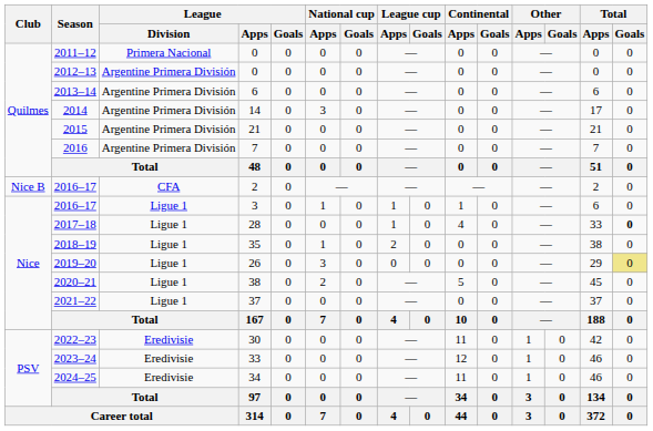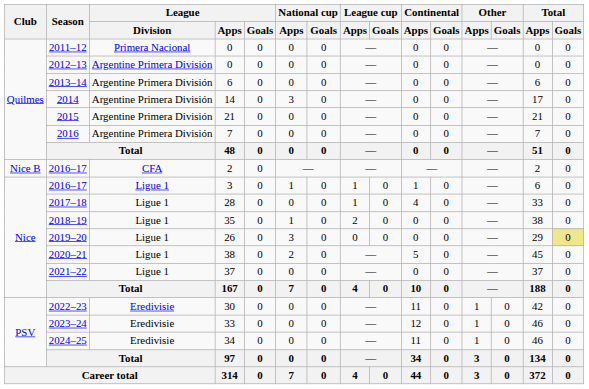 <table class="wikitable" style="text-align: center;">
 <tr>
 <th rowspan="2">Club</th>
 <th rowspan="2">Season</th>
 <th colspan="3">League</th>
 <th colspan="2">National cup</th>
 <th colspan="2">League cup</th>
 <th colspan="2">Continental</th>
 <th colspan="2">Other</th>
 <th colspan="2">Total</th>
 </tr>
 <tr>
 <th>Division</th>
 <th>Apps</th>
 <th>Goals</th>
 <th>Apps</th>
 <th>Goals</th>
 <th>Apps</th>
 <th>Goals</th>
 <th>Apps</th>
 <th>Goals</th>
 <th>Apps</th>
 <th>Goals</th>
 <th>Apps</th>
 <th>Goals</th>
 </tr>
 <tr>
 <td rowspan="7"><a href='#'>Quilmes</a></td>
 <td><a href='#'>2011–12</a></td>
 <td><a href='#'>Primera Nacional</a></td>
 <td>0</td>
 <td>0</td>
 <td>0</td>
 <td>0</td>
 <td colspan="2">—</td>
 <td>0</td>
 <td>0</td>
 <td colspan="2">—</td>
 <td>0</td>
 <td>0</td>
 </tr>
 <tr>
 <td><a href='#'>2012–13</a></td>
 <td><a href='#'>Argentine Primera División</a></td>
 <td>0</td>
 <td>0</td>
 <td>0</td>
 <td>0</td>
 <td colspan="2">—</td>
 <td>0</td>
 <td>0</td>
 <td colspan="2">—</td>
 <td>0</td>
 <td>0</td>
 </tr>
 <tr>
 <td><a href='#'>2013–14</a></td>
 <td>Argentine Primera División</td>
 <td>6</td>
 <td>0</td>
 <td>0</td>
 <td>0</td>
 <td colspan="2">—</td>
 <td>0</td>
 <td>0</td>
 <td colspan="2">—</td>
 <td>6</td>
 <td>0</td>
 </tr>
 <tr>
 <td><a href='#'>2014</a></td>
 <td>Argentine Primera División</td>
 <td>14</td>
 <td>0</td>
 <td>3</td>
 <td>0</td>
 <td colspan="2">—</td>
 <td>0</td>
 <td>0</td>
 <td colspan="2">—</td>
 <td>17</td>
 <td>0</td>
 </tr>
 <tr>
 <td><a href='#'>2015</a></td>
 <td>Argentine Primera División</td>
 <td>21</td>
 <td>0</td>
 <td>0</td>
 <td>0</td>
 <td colspan="2">—</td>
 <td>0</td>
 <td>0</td>
 <td colspan="2">—</td>
 <td>21</td>
 <td>0</td>
 </tr>
 <tr>
 <td><a href='#'>2016</a></td>
 <td>Argentine Primera División</td>
 <td>7</td>
 <td>0</td>
 <td>0</td>
 <td>0</td>
 <td colspan="2">—</td>
 <td>0</td>
 <td>0</td>
 <td colspan="2">—</td>
 <td>7</td>
 <td>0</td>
 </tr>
 <tr>
 <th colspan="2">Total</th>
 <th>48</th>
 <th>0</th>
 <th>0</th>
 <th>0</th>
 <th colspan="2">—</th>
 <th>0</th>
 <th>0</th>
 <th colspan="2">—</th>
 <th>51</th>
 <th>0</th>
 </tr>
 <tr>
 <td><a href='#'>Nice B</a></td>
 <td><a href='#'>2016–17</a></td>
 <td><a href='#'>CFA</a></td>
 <td>2</td>
 <td>0</td>
 <td colspan="2">—</td>
 <td colspan="2">—</td>
 <td colspan="2">—</td>
 <td colspan="2">—</td>
 <td>2</td>
 <td>0</td>
 </tr>
 <tr>
 <td rowspan="7"><a href='#'>Nice</a></td>
 <td><a href='#'>2016–17</a></td>
 <td><a href='#'>Ligue 1</a></td>
 <td>3</td>
 <td>0</td>
 <td>1</td>
 <td>0</td>
 <td>1</td>
 <td>0</td>
 <td>1</td>
 <td>0</td>
 <td colspan="2">—</td>
 <td>6</td>
 <td>0</td>
 </tr>
 <tr>
 <td><a href='#'>2017–18</a></td>
 <td>Ligue 1</td>
 <td>28</td>
 <td>0</td>
 <td>0</td>
 <td>0</td>
 <td>1</td>
 <td>0</td>
 <td>4</td>
 <td>0</td>
 <td colspan="2">—</td>
 <td>33</td>
-<td><strong>0</strong></td>
+<td>0</td>
 </tr>
 <tr>
 <td><a href='#'>2018–19</a></td>
 <td>Ligue 1</td>
 <td>35</td>
 <td>0</td>
 <td>1</td>
 <td>0</td>
 <td>2</td>
 <td>0</td>
 <td>0</td>
 <td>0</td>
 <td colspan="2">—</td>
 <td>38</td>
 <td>0</td>
 </tr>
 <tr>
 <td><a href='#'>2019–20</a></td>
 <td>Ligue 1</td>
 <td>26</td>
 <td>0</td>
 <td>3</td>
 <td>0</td>
 <td>0</td>
 <td>0</td>
 <td>0</td>
 <td>0</td>
 <td colspan="2">—</td>
 <td>29</td>
 <td style="background: khaki;">0</td>
 </tr>
 <tr>
 <td><a href='#'>2020–21</a></td>
 <td>Ligue 1</td>
 <td>38</td>
 <td>0</td>
 <td>2</td>
 <td>0</td>
 <td colspan="2">—</td>
 <td>5</td>
 <td>0</td>
 <td colspan="2">—</td>
 <td>45</td>
 <td>0</td>
 </tr>
 <tr>
 <td><a href='#'>2021–22</a></td>
 <td>Ligue 1</td>
 <td>37</td>
 <td>0</td>
 <td>0</td>
 <td>0</td>
 <td colspan="2">—</td>
 <td>0</td>
 <td>0</td>
 <td colspan="2">—</td>
 <td>37</td>
 <td>0</td>
 </tr>
 <tr>
 <th colspan="2">Total</th>
 <th>167</th>
 <th>0</th>
 <th>7</th>
 <th>0</th>
 <th>4</th>
 <th>0</th>
 <th>10</th>
 <th>0</th>
 <th colspan="2">—</th>
 <th>188</th>
 <th>0</th>
 </tr>
 <tr>
 <td rowspan="4"><a href='#'>PSV</a></td>
 <td><a href='#'>2022–23</a></td>
 <td><a href='#'>Eredivisie</a></td>
 <td>30</td>
 <td>0</td>
 <td>0</td>
 <td>0</td>
 <td colspan="2">—</td>
 <td>11</td>
 <td>0</td>
 <td>1</td>
 <td>0</td>
 <td>42</td>
 <td>0</td>
 </tr>
 <tr>
 <td><a href='#'>2023–24</a></td>
 <td>Eredivisie</td>
 <td>33</td>
 <td>0</td>
 <td>0</td>
 <td>0</td>
 <td colspan="2">—</td>
 <td>12</td>
 <td>0</td>
 <td>1</td>
 <td>0</td>
 <td>46</td>
 <td>0</td>
 </tr>
 <tr>
 <td><a href='#'>2024–25</a></td>
 <td>Eredivisie</td>
 <td>34</td>
 <td>0</td>
 <td>0</td>
 <td>0</td>
 <td colspan="2">—</td>
 <td>11</td>
 <td>0</td>
 <td>1</td>
 <td>0</td>
 <td>46</td>
 <td>0</td>
 </tr>
 <tr>
 <th colspan="2">Total</th>
 <th>97</th>
 <th>0</th>
 <th>0</th>
 <th>0</th>
 <th colspan="2">—</th>
 <th>34</th>
 <th>0</th>
 <th>3</th>
 <th>0</th>
 <th>134</th>
 <th>0</th>
 </tr>
 <tr>
 <th colspan="3">Career total</th>
 <th>314</th>
 <th>0</th>
 <th>7</th>
 <th>0</th>
 <th>4</th>
 <th>0</th>
 <th>44</th>
 <th>0</th>
 <th>3</th>
 <th>0</th>
 <th>372</th>
 <th>0</th>
 </tr>
 </table>
